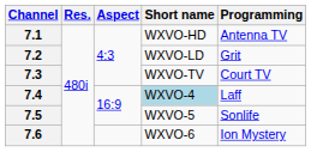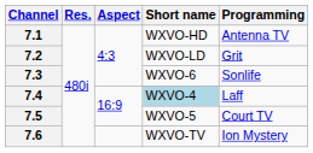 <table class="wikitable">
 <tr>
 <th><a href='#'>Channel</a></th>
 <th><a href='#'>Res.</a></th>
 <th><a href='#'>Aspect</a></th>
 <th>Short name</th>
 <th>Programming</th>
 </tr>
 <tr>
 <th scope = "row">7.1</th>
 <td rowspan=6><a href='#'>480i</a></td>
 <td rowspan=3><a href='#'>4:3</a></td>
 <td>WXVO-HD</td>
 <td><a href='#'>Antenna TV</a></td>
 </tr>
 <tr>
 <th scope = "row">7.2</th>
 <td>WXVO-LD</td>
 <td><a href='#'>Grit</a></td>
 </tr>
 <tr>
 <th scope = "row">7.3</th>
-<td>WXVO-TV</td>
-<td><a href='#'>Court TV</a></td>
+<td>WXVO-6</td>
+<td><a href='#'>Sonlife</a></td>
 </tr>
 <tr>
 <th scope = "row">7.4</th>
 <td rowspan=2><a href='#'>16:9</a></td>
 <td style="background: lightblue;">WXVO-4</td>
 <td><a href='#'>Laff</a></td>
 </tr>
 <tr>
 <th scope = "row">7.5</th>
 <td>WXVO-5</td>
-<td><a href='#'>Sonlife</a></td>
+<td><a href='#'>Court TV</a></td>
 </tr>
 <tr>
 <th scope = "row">7.6</th>
 <td></td>
-<td>WXVO-6</td>
+<td>WXVO-TV</td>
 <td><a href='#'>Ion Mystery</a></td>
 </tr>
 </table>
